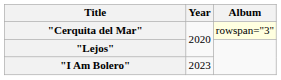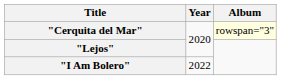 <table class="wikitable plainrowheaders" style="text-align:center;" border="1">
 <tr>
 <th scope="col" style="width:16em;">Title</th>
 <th scope="col">Year</th>
 <th scope="col">Album</th>
 </tr>
 <tr>
 <th scope="row">"Cerquita del Mar"</th>
 <td rowspan="2">2020</td>
 <td style="background: lightyellow;">rowspan="3" </td>
 </tr>
 <tr>
 <th scope="row">"Lejos"</th>
 </tr>
 <tr>
 <th scope="row">"I Am Bolero"</th>
-<td>2023</td>
+<td>2022</td>
 </tr>
 </table>
